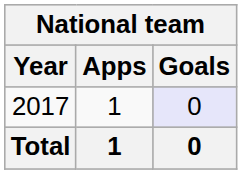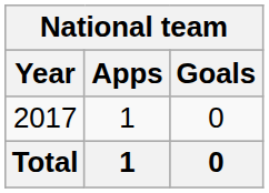 <table class="wikitable" style="text-align:center">
 <tr>
 <th colspan=3>National team</th>
 </tr>
 <tr>
 <th>Year</th>
 <th>Apps</th>
 <th>Goals</th>
 </tr>
 <tr>
 <td>2017</td>
 <td>1</td>
-<td style="background: lavender;">0</td>
+<td>0</td>
 </tr>
 <tr>
 <th>Total</th>
 <th>1</th>
 <th>0</th>
 </tr>
 </table>
